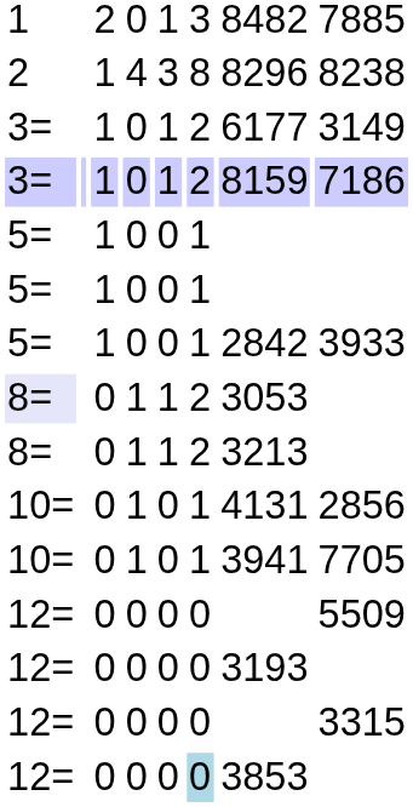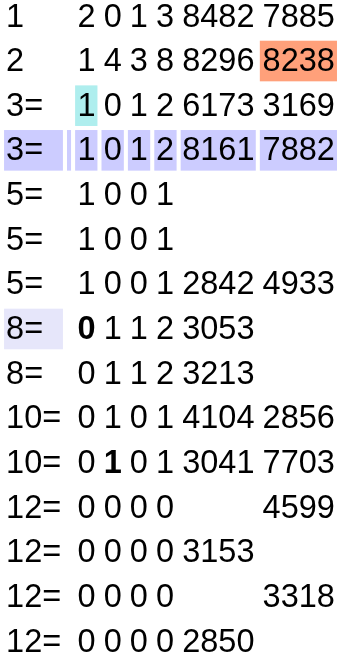 <table>
 <tr>
 <td>1</td>
 <td align="left"></td>
 <td>2</td>
 <td>0</td>
 <td>1</td>
 <td>3</td>
 <td>8482</td>
 <td>7885</td>
 </tr>
 <tr>
 <td>2</td>
 <td align="left"></td>
 <td>1</td>
 <td>4</td>
 <td>3</td>
 <td>8</td>
 <td>8296</td>
-<td>8238</td>
+<td style="background: lightsalmon;">8238</td>
 </tr>
 <tr>
 <td>3=</td>
 <td align="left"></td>
-<td>1</td>
+<td style="background: paleturquoise;">1</td>
 <td>0</td>
 <td>1</td>
 <td>2</td>
-<td>6177</td>
-<td>3149</td>
+<td>6173</td>
+<td>3169</td>
 </tr>
 <tr style="background-color:#ccccff">
 <td>3=</td>
 <td align="left"></td>
 <td>1</td>
 <td>0</td>
 <td>1</td>
 <td>2</td>
-<td>8159</td>
-<td>7186</td>
+<td>8161</td>
+<td>7882</td>
 </tr>
 <tr>
 <td>5=</td>
 <td align="left"></td>
 <td>1</td>
 <td>0</td>
 <td>0</td>
 <td>1</td>
 <td></td>
 <td></td>
 </tr>
 <tr>
 <td>5=</td>
 <td align="left"></td>
 <td>1</td>
 <td>0</td>
 <td>0</td>
 <td>1</td>
 <td></td>
 <td></td>
 </tr>
 <tr>
 <td>5=</td>
 <td align="left"></td>
 <td>1</td>
 <td>0</td>
 <td>0</td>
 <td>1</td>
 <td>2842</td>
-<td>3933</td>
+<td>4933</td>
 </tr>
 <tr>
 <td style="background: lavender;">8=</td>
 <td align="left"></td>
-<td>0</td>
+<td><strong>0</strong></td>
 <td>1</td>
 <td>1</td>
 <td>2</td>
 <td>3053</td>
 <td></td>
 </tr>
 <tr>
 <td>8=</td>
 <td align="left"></td>
 <td>0</td>
 <td>1</td>
 <td>1</td>
 <td>2</td>
 <td>3213</td>
 <td></td>
 </tr>
 <tr>
 <td>10=</td>
 <td align="left"></td>
 <td>0</td>
 <td>1</td>
 <td>0</td>
 <td>1</td>
-<td>4131</td>
+<td>4104</td>
 <td>2856</td>
 </tr>
 <tr>
 <td>10=</td>
 <td align="left"></td>
 <td>0</td>
-<td>1</td>
+<td><strong>1</strong></td>
 <td>0</td>
 <td>1</td>
-<td>3941</td>
-<td>7705</td>
+<td>3041</td>
+<td>7703</td>
 </tr>
 <tr>
 <td>12=</td>
 <td align="left"></td>
 <td>0</td>
 <td>0</td>
 <td>0</td>
 <td>0</td>
 <td></td>
-<td>5509</td>
+<td>4599</td>
 </tr>
 <tr>
 <td>12=</td>
 <td align="left"></td>
 <td>0</td>
 <td>0</td>
 <td>0</td>
 <td>0</td>
-<td>3193</td>
+<td>3153</td>
 <td></td>
 </tr>
 <tr>
 <td>12=</td>
 <td align="left"></td>
 <td>0</td>
 <td>0</td>
 <td>0</td>
 <td>0</td>
 <td></td>
-<td>3315</td>
+<td>3318</td>
 </tr>
 <tr>
 <td>12=</td>
 <td align="left"></td>
 <td>0</td>
 <td>0</td>
 <td>0</td>
-<td style="background: lightblue;">0</td>
-<td>3853</td>
+<td>0</td>
+<td>2850</td>
 <td></td>
 </tr>
 </table>
